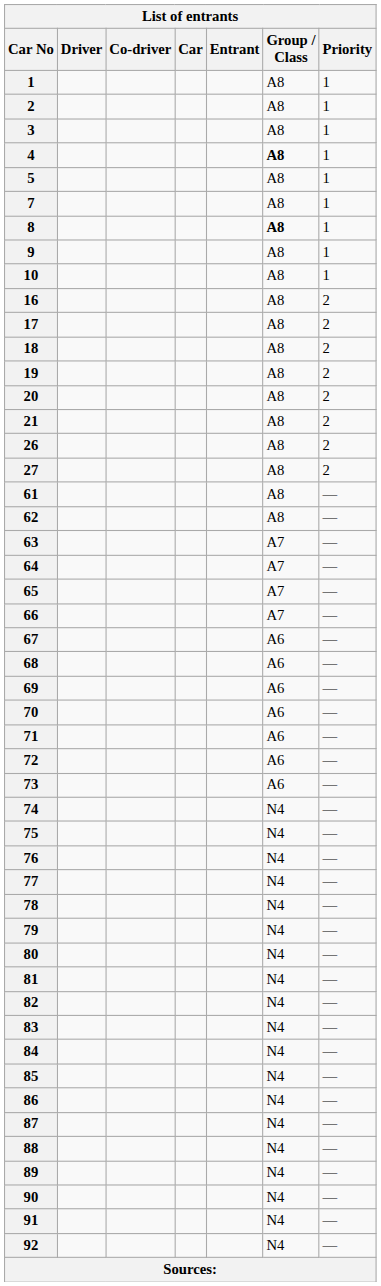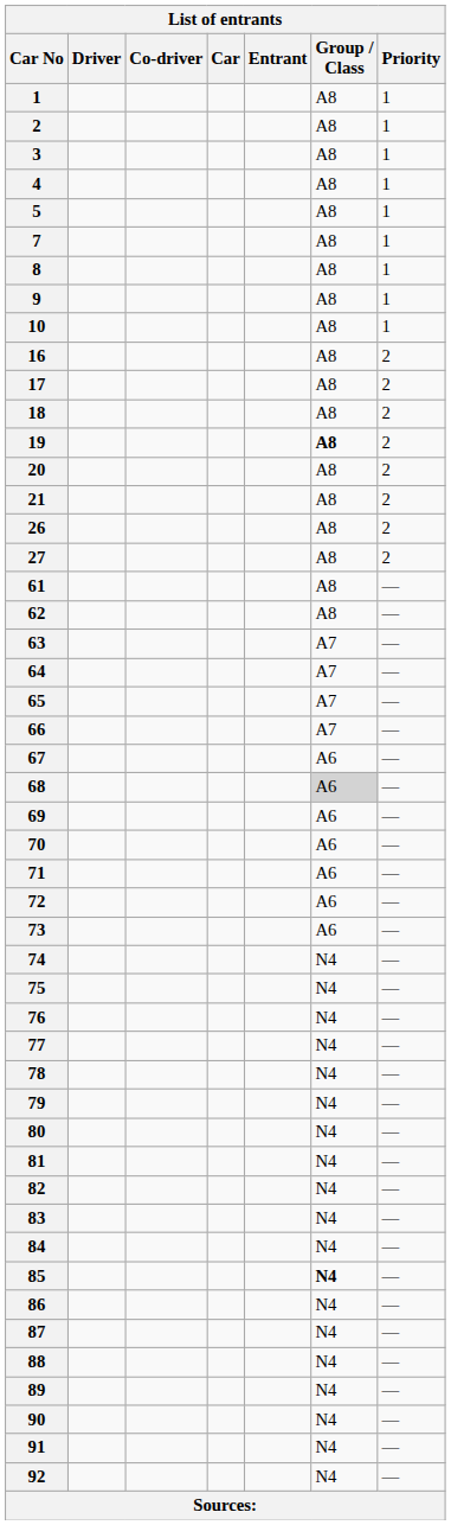 <table class="wikitable plainrowheaders sortable" style="font-size: 85%">
 <tr>
 <th scope=row colspan="7" style="text-align: center;"><strong>List of entrants</strong></th>
 </tr>
 <tr>
 <th scope=col>Car No</th>
 <th scope=col>Driver</th>
 <th scope=col>Co-driver</th>
 <th scope=col>Car</th>
 <th scope=col>Entrant</th>
 <th scope=col>Group /<br>Class</th>
 <th scope=col>Priority</th>
 </tr>
 <tr>
 <th scope=row style="text-align: center;">1</th>
 <td></td>
 <td></td>
 <td></td>
 <td></td>
 <td>A8</td>
 <td>1</td>
 </tr>
 <tr>
 <th scope=row style="text-align: center;">2</th>
 <td></td>
 <td></td>
 <td></td>
 <td></td>
 <td>A8</td>
 <td>1</td>
 </tr>
 <tr>
 <th scope=row style="text-align: center;">3</th>
 <td></td>
 <td></td>
 <td></td>
 <td></td>
 <td>A8</td>
 <td>1</td>
 </tr>
 <tr>
 <th scope=row style="text-align: center;">4</th>
 <td></td>
 <td></td>
 <td></td>
 <td></td>
-<td><strong>A8</strong></td>
+<td>A8</td>
 <td>1</td>
 </tr>
 <tr>
 <th scope=row style="text-align: center;">5</th>
 <td></td>
 <td></td>
 <td></td>
 <td></td>
 <td>A8</td>
 <td>1</td>
 </tr>
 <tr>
 <th scope=row style="text-align: center;">7</th>
 <td></td>
 <td></td>
 <td></td>
 <td></td>
 <td>A8</td>
 <td>1</td>
 </tr>
 <tr>
 <th scope=row style="text-align: center;">8</th>
 <td></td>
 <td></td>
 <td></td>
 <td></td>
-<td><strong>A8</strong></td>
+<td>A8</td>
 <td>1</td>
 </tr>
 <tr>
 <th scope=row style="text-align: center;">9</th>
 <td></td>
 <td></td>
 <td></td>
 <td></td>
 <td>A8</td>
 <td>1</td>
 </tr>
 <tr>
 <th scope=row style="text-align: center;">10</th>
 <td></td>
 <td></td>
 <td></td>
 <td></td>
 <td>A8</td>
 <td>1</td>
 </tr>
 <tr>
 <th scope=row style="text-align: center;">16</th>
 <td></td>
 <td></td>
 <td></td>
 <td></td>
 <td>A8</td>
 <td>2</td>
 </tr>
 <tr>
 <th scope=row style="text-align: center;">17</th>
 <td></td>
 <td></td>
 <td></td>
 <td></td>
 <td>A8</td>
 <td>2</td>
 </tr>
 <tr>
 <th scope=row style="text-align: center;">18</th>
 <td></td>
 <td></td>
 <td></td>
 <td></td>
 <td>A8</td>
 <td>2</td>
 </tr>
 <tr>
 <th scope=row style="text-align: center;">19</th>
 <td></td>
 <td></td>
 <td></td>
 <td></td>
-<td>A8</td>
+<td><strong>A8</strong></td>
 <td>2</td>
 </tr>
 <tr>
 <th scope=row style="text-align: center;">20</th>
 <td></td>
 <td></td>
 <td></td>
 <td></td>
 <td>A8</td>
 <td>2</td>
 </tr>
 <tr>
 <th scope=row style="text-align: center;">21</th>
 <td></td>
 <td></td>
 <td></td>
 <td></td>
 <td>A8</td>
 <td>2</td>
 </tr>
 <tr>
 <th scope=row style="text-align: center;">26</th>
 <td></td>
 <td></td>
 <td></td>
 <td></td>
 <td>A8</td>
 <td>2</td>
 </tr>
 <tr>
 <th scope=row style="text-align: center;">27</th>
 <td></td>
 <td></td>
 <td></td>
 <td></td>
 <td>A8</td>
 <td>2</td>
 </tr>
 <tr>
 <th scope=row style="text-align: center;">61</th>
 <td></td>
 <td></td>
 <td></td>
 <td></td>
 <td>A8</td>
 <td>—</td>
 </tr>
 <tr>
 <th scope=row style="text-align: center;">62</th>
 <td></td>
 <td></td>
 <td></td>
 <td></td>
 <td>A8</td>
 <td>—</td>
 </tr>
 <tr>
 <th scope=row style="text-align: center;">63</th>
 <td></td>
 <td></td>
 <td></td>
 <td></td>
 <td>A7</td>
 <td>—</td>
 </tr>
 <tr>
 <th scope=row style="text-align: center;">64</th>
 <td></td>
 <td></td>
 <td></td>
 <td></td>
 <td>A7</td>
 <td>—</td>
 </tr>
 <tr>
 <th scope=row style="text-align: center;">65</th>
 <td></td>
 <td></td>
 <td></td>
 <td></td>
 <td>A7</td>
 <td>—</td>
 </tr>
 <tr>
 <th scope=row style="text-align: center;">66</th>
 <td></td>
 <td></td>
 <td></td>
 <td></td>
 <td>A7</td>
 <td>—</td>
 </tr>
 <tr>
 <th scope=row style="text-align: center;">67</th>
 <td></td>
 <td></td>
 <td></td>
 <td></td>
 <td>A6</td>
 <td>—</td>
 </tr>
 <tr>
 <th scope=row style="text-align: center;">68</th>
 <td></td>
 <td></td>
 <td></td>
 <td></td>
-<td>A6</td>
+<td style="background: lightgrey;">A6</td>
 <td>—</td>
 </tr>
 <tr>
 <th scope=row style="text-align: center;">69</th>
 <td></td>
 <td></td>
 <td></td>
 <td></td>
 <td>A6</td>
 <td>—</td>
 </tr>
 <tr>
 <th scope=row style="text-align: center;">70</th>
 <td></td>
 <td></td>
 <td></td>
 <td></td>
 <td>A6</td>
 <td>—</td>
 </tr>
 <tr>
 <th scope=row style="text-align: center;">71</th>
 <td></td>
 <td></td>
 <td></td>
 <td></td>
 <td>A6</td>
 <td>—</td>
 </tr>
 <tr>
 <th scope=row style="text-align: center;">72</th>
 <td></td>
 <td></td>
 <td></td>
 <td></td>
 <td>A6</td>
 <td>—</td>
 </tr>
 <tr>
 <th scope=row style="text-align: center;">73</th>
 <td></td>
 <td></td>
 <td></td>
 <td></td>
 <td>A6</td>
 <td>—</td>
 </tr>
 <tr>
 <th scope=row style="text-align: center;">74</th>
 <td></td>
 <td></td>
 <td></td>
 <td></td>
 <td>N4</td>
 <td>—</td>
 </tr>
 <tr>
 <th scope=row style="text-align: center;">75</th>
 <td></td>
 <td></td>
 <td></td>
 <td></td>
 <td>N4</td>
 <td>—</td>
 </tr>
 <tr>
 <th scope=row style="text-align: center;">76</th>
 <td></td>
 <td></td>
 <td></td>
 <td></td>
 <td>N4</td>
 <td>—</td>
 </tr>
 <tr>
 <th scope=row style="text-align: center;">77</th>
 <td></td>
 <td></td>
 <td></td>
 <td></td>
 <td>N4</td>
 <td>—</td>
 </tr>
 <tr>
 <th scope=row style="text-align: center;">78</th>
 <td></td>
 <td></td>
 <td></td>
 <td></td>
 <td>N4</td>
 <td>—</td>
 </tr>
 <tr>
 <th scope=row style="text-align: center;">79</th>
 <td></td>
 <td></td>
 <td></td>
 <td></td>
 <td>N4</td>
 <td>—</td>
 </tr>
 <tr>
 <th scope=row style="text-align: center;">80</th>
 <td></td>
 <td></td>
 <td></td>
 <td></td>
 <td>N4</td>
 <td>—</td>
 </tr>
 <tr>
 <th scope=row style="text-align: center;">81</th>
 <td></td>
 <td></td>
 <td></td>
 <td></td>
 <td>N4</td>
 <td>—</td>
 </tr>
 <tr>
 <th scope=row style="text-align: center;">82</th>
 <td></td>
 <td></td>
 <td></td>
 <td></td>
 <td>N4</td>
 <td>—</td>
 </tr>
 <tr>
 <th scope=row style="text-align: center;">83</th>
 <td></td>
 <td></td>
 <td></td>
 <td></td>
 <td>N4</td>
 <td>—</td>
 </tr>
 <tr>
 <th scope=row style="text-align: center;">84</th>
 <td></td>
 <td></td>
 <td></td>
 <td></td>
 <td>N4</td>
 <td>—</td>
 </tr>
 <tr>
 <th scope=row style="text-align: center;">85</th>
 <td></td>
 <td></td>
 <td></td>
 <td></td>
-<td>N4</td>
+<td><strong>N4</strong></td>
 <td>—</td>
 </tr>
 <tr>
 <th scope=row style="text-align: center;">86</th>
 <td></td>
 <td></td>
 <td></td>
 <td></td>
 <td>N4</td>
 <td>—</td>
 </tr>
 <tr>
 <th scope=row style="text-align: center;">87</th>
 <td></td>
 <td></td>
 <td></td>
 <td></td>
 <td>N4</td>
 <td>—</td>
 </tr>
 <tr>
 <th scope=row style="text-align: center;">88</th>
 <td></td>
 <td></td>
 <td></td>
 <td></td>
 <td>N4</td>
 <td>—</td>
 </tr>
 <tr>
 <th scope=row style="text-align: center;">89</th>
 <td></td>
 <td></td>
 <td></td>
 <td></td>
 <td>N4</td>
 <td>—</td>
 </tr>
 <tr>
 <th scope=row style="text-align: center;">90</th>
 <td></td>
 <td></td>
 <td></td>
 <td></td>
 <td>N4</td>
 <td>—</td>
 </tr>
 <tr>
 <th scope=row style="text-align: center;">91</th>
 <td></td>
 <td></td>
 <td></td>
 <td></td>
 <td>N4</td>
 <td>—</td>
 </tr>
 <tr>
 <th scope=row style="text-align: center;">92</th>
 <td></td>
 <td></td>
 <td></td>
 <td></td>
 <td>N4</td>
 <td>—</td>
 </tr>
 <tr>
 <th scope=row colspan="10" style="text-align: center;">Sources:</th>
 </tr>
 </table>
